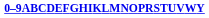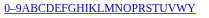 <table id="toc" class="toc" summary="Class">
 <tr>
 <th></th>
 </tr>
 <tr>
-<td style="text-align:center;"><strong><a href='#'>0–9</a><a href='#'>A</a><a href='#'>B</a><a href='#'>C</a><a href='#'>D</a><a href='#'>E</a><a href='#'>F</a><a href='#'>G</a><a href='#'>H</a><a href='#'>I</a><a href='#'>K</a><a href='#'>L</a><a href='#'>M</a><a href='#'>N</a><a href='#'>O</a><a href='#'>P</a><a href='#'>R</a><a href='#'>S</a><a href='#'>T</a><a href='#'>U</a><a href='#'>V</a><a href='#'>W</a><a href='#'>Y</a></strong></td>
+<td style="text-align:center;"><a href='#'>0–9</a><a href='#'>A</a><a href='#'>B</a><a href='#'>C</a><a href='#'>D</a><a href='#'>E</a><a href='#'>F</a><a href='#'>G</a><a href='#'>H</a><a href='#'>I</a><a href='#'>K</a><a href='#'>L</a><a href='#'>M</a><a href='#'>N</a><a href='#'>O</a><a href='#'>P</a><a href='#'>R</a><a href='#'>S</a><a href='#'>T</a><a href='#'>U</a><a href='#'>V</a><a href='#'>W</a><a href='#'>Y</a></td>
 </tr>
 </table>
